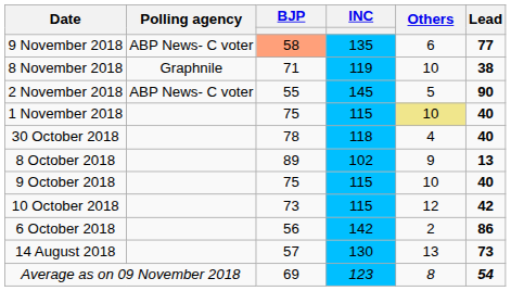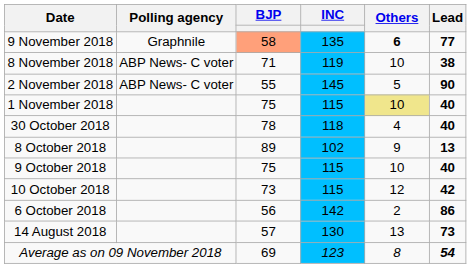 <table class="wikitable collapsible sortable" style="text-align:center">
 <tr>
 <th rowspan="2">Date</th>
 <th rowspan="2">Polling agency</th>
 <th width="70px"><a href='#'>BJP</a></th>
 <th width="70px"><a href='#'>INC</a></th>
 <th rowspan="2" width="70px"><a href='#'>Others</a></th>
 <th rowspan="2">Lead</th>
 </tr>
 <tr>
 <th style="background:"></th>
 <th style="background:"></th>
 </tr>
 <tr>
 <td>9 November 2018</td>
-<td>ABP News- C voter</td>
+<td>Graphnile</td>
 <td style="background: lightsalmon;">58</td>
 <td style="background:#00BFFF">135</td>
-<td>6</td>
+<td><strong>6</strong></td>
 <td style="background:"><span><strong>77</strong></span></td>
 </tr>
 <tr>
 <td>8 November 2018</td>
-<td>Graphnile</td>
+<td>ABP News- C voter</td>
 <td>71</td>
 <td style="background:#00BFFF">119</td>
 <td>10</td>
 <td style="background:"><span><strong>38</strong></span></td>
 </tr>
 <tr>
 <td>2 November 2018</td>
 <td>ABP News- C voter</td>
 <td>55</td>
 <td style="background:#00BFFF">145</td>
 <td>5</td>
 <td style="background:"><span><strong>90</strong></span></td>
 </tr>
 <tr>
 <td>1 November 2018</td>
 <td></td>
 <td>75</td>
 <td style="background:#00BFFF">115</td>
 <td style="background: khaki;">10</td>
 <td style="background:"><span><strong>40</strong></span></td>
 </tr>
 <tr>
 <td>30 October 2018</td>
 <td></td>
 <td>78</td>
 <td style="background:#00BFFF">118</td>
 <td>4</td>
 <td style="background:"><span><strong>40</strong></span></td>
 </tr>
 <tr>
 <td>8 October 2018</td>
 <td></td>
 <td>89</td>
 <td style="background:#00BFFF">102</td>
 <td>9</td>
 <td style="background:"><span><strong>13</strong></span></td>
 </tr>
 <tr>
 <td>9 October 2018</td>
 <td></td>
 <td>75</td>
 <td style="background:#00BFFF">115</td>
 <td>10</td>
 <td style="background:"><span><strong>40</strong></span></td>
 </tr>
 <tr>
 <td>10 October 2018</td>
 <td></td>
 <td>73</td>
 <td style="background:#00BFFF">115</td>
 <td>12</td>
 <td style="background:"><span><strong>42</strong></span></td>
 </tr>
 <tr>
 <td>6 October 2018</td>
 <td></td>
 <td>56</td>
 <td style="background:#00BFFF">142</td>
 <td>2</td>
 <td style="background:"><span><strong>86</strong></span></td>
 </tr>
 <tr>
 <td>14 August 2018</td>
 <td></td>
 <td>57</td>
 <td style="background:#00BFFF">130</td>
 <td>13</td>
 <td style="background:"><span><strong>73</strong></span></td>
 </tr>
 <tr>
 <td colspan="2"><em>Average as on 09 November 2018</em></td>
 <td>69</td>
 <td style="background:#00BFFF"><em>123</em></td>
 <td><em>8</em></td>
 <td style="background:"><span><strong><em>54</em></strong></span></td>
 </tr>
 </table>
